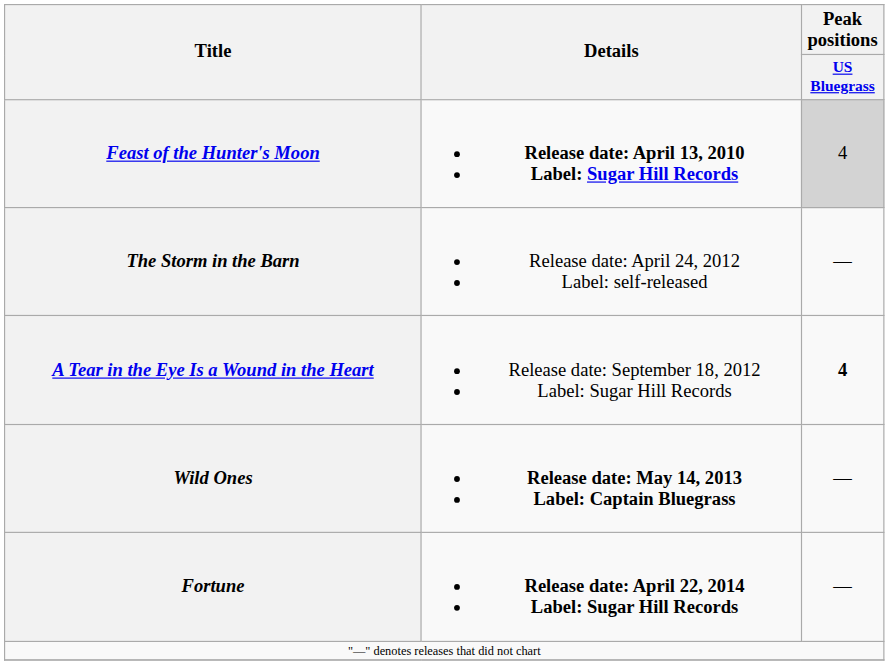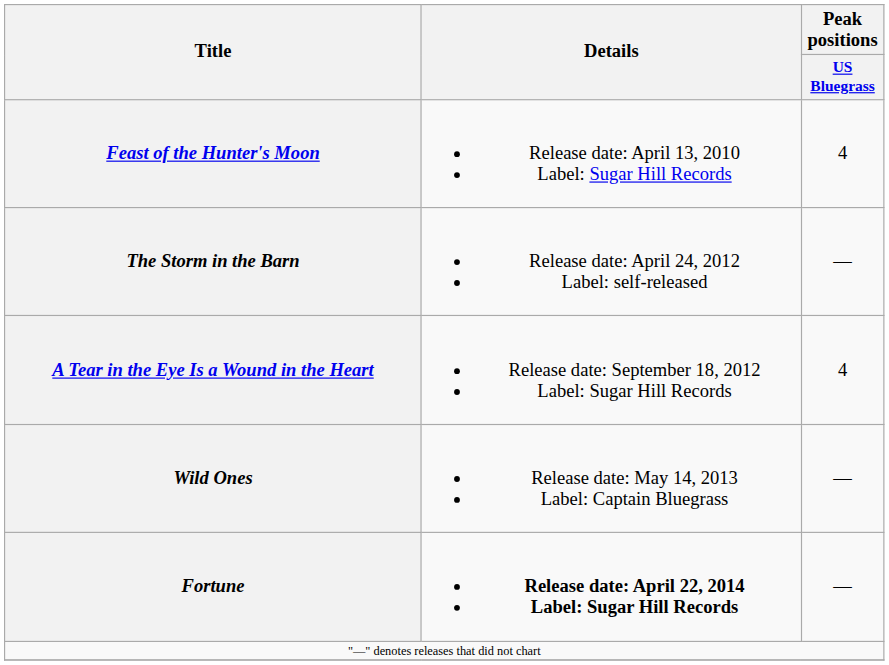 <table class="wikitable plainrowheaders" style="text-align:center;">
 <tr>
 <th rowspan="2" style="width:22em;">Title</th>
 <th rowspan="2" style="width:20em;">Details</th>
 <th colspan="1">Peak positions</th>
 </tr>
 <tr style="font-size:smaller;">
 <th width="65"><a href='#'>US Bluegrass</a><br></th>
 </tr>
 <tr>
 <th scope="row"><em><a href='#'>Feast of the Hunter's Moon</a></em></th>
-<td><strong><br><ul><li>Release date: April 13, 2010</li><li>Label: <a href='#'>Sugar Hill Records</a></li></ul></strong></td>
-<td style="background: lightgrey;">4</td>
+<td><br><ul><li>Release date: April 13, 2010</li><li>Label: <a href='#'>Sugar Hill Records</a></li></ul></td>
+<td>4</td>
 </tr>
 <tr>
 <th scope="row"><em>The Storm in the Barn</em></th>
 <td><br><ul><li>Release date: April 24, 2012</li><li>Label: self-released</li></ul></td>
 <td>—</td>
 </tr>
 <tr>
 <th scope="row"><em><a href='#'>A Tear in the Eye Is a Wound in the Heart</a></em></th>
 <td><br><ul><li>Release date: September 18, 2012</li><li>Label: Sugar Hill Records</li></ul></td>
-<td><strong>4</strong></td>
+<td>4</td>
 </tr>
 <tr>
 <th scope="row"><em>Wild Ones</em></th>
-<td><strong><br><ul><li>Release date: May 14, 2013</li><li>Label: Captain Bluegrass</li></ul></strong></td>
+<td><br><ul><li>Release date: May 14, 2013</li><li>Label: Captain Bluegrass</li></ul></td>
 <td>—</td>
 </tr>
 <tr>
 <th scope="row"><em>Fortune</em></th>
 <td><strong><br><ul><li>Release date: April 22, 2014</li><li>Label: Sugar Hill Records</li></ul></strong></td>
 <td>—</td>
 </tr>
 <tr>
 <td colspan="4" style="font-size:8pt">"—" denotes releases that did not chart</td>
 </tr>
 <tr>
 </tr>
 </table>
